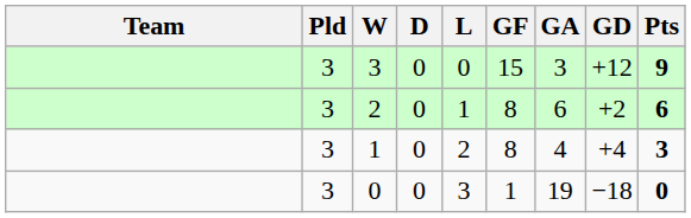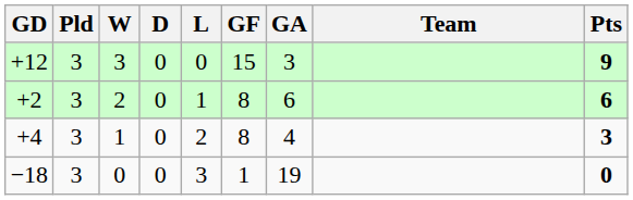 <table class="wikitable" style="text-align:center;">
 <tr>
-<th width=175>Team</th>
+<th width=20 abbr="Goal difference">GD</th>
 <th width=20 abbr="Played">Pld</th>
 <th width=20 abbr="Won">W</th>
 <th width=20 abbr="Drawn">D</th>
 <th width=20 abbr="Lost">L</th>
 <th width=20 abbr="Goals for">GF</th>
 <th width=20 abbr="Goals against">GA</th>
-<th width=20 abbr="Goal difference">GD</th>
+<th width=175>Team</th>
 <th width=20 abbr="Points">Pts</th>
 </tr>
 <tr bgcolor=ccffcc>
-<td align=left></td>
+<td>+12</td>
 <td>3</td>
 <td>3</td>
 <td>0</td>
 <td>0</td>
 <td>15</td>
 <td>3</td>
-<td>+12</td>
+<td align=left></td>
 <td><strong>9</strong></td>
 </tr>
 <tr bgcolor=ccffcc>
-<td align=left></td>
+<td>+2</td>
 <td>3</td>
 <td>2</td>
 <td>0</td>
 <td>1</td>
 <td>8</td>
 <td>6</td>
-<td>+2</td>
+<td align=left></td>
 <td><strong>6</strong></td>
 </tr>
 <tr>
-<td align=left></td>
+<td>+4</td>
 <td>3</td>
 <td>1</td>
 <td>0</td>
 <td>2</td>
 <td>8</td>
 <td>4</td>
-<td>+4</td>
+<td align=left></td>
 <td><strong>3</strong></td>
 </tr>
 <tr>
-<td align=left></td>
+<td>−18</td>
 <td>3</td>
 <td>0</td>
 <td>0</td>
 <td>3</td>
 <td>1</td>
 <td>19</td>
-<td>−18</td>
+<td align=left></td>
 <td><strong>0</strong></td>
 </tr>
 </table>
